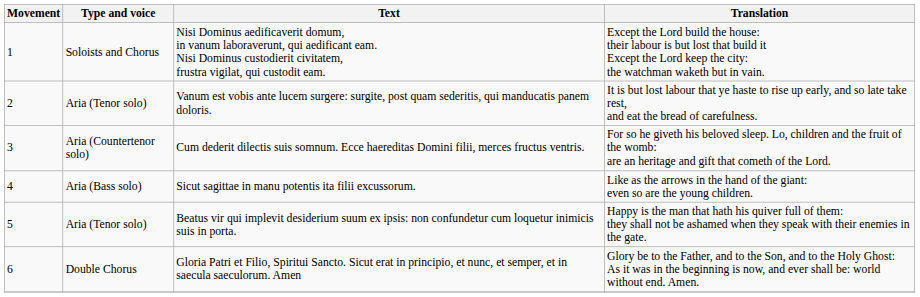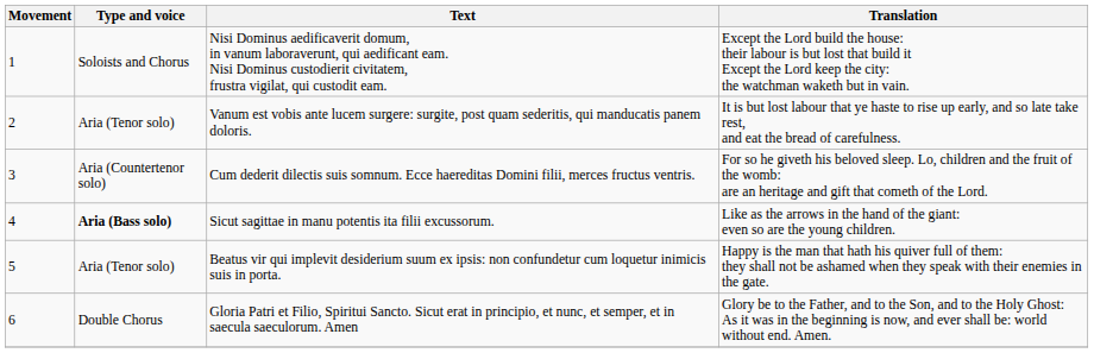 <table class="wikitable" border="1">
 <tr>
 <th bgcolor=ececec>Movement</th>
 <th bgcolor=ececec>Type and voice</th>
 <th bgcolor=ececec>Text</th>
 <th bgcolor=ececec>Translation</th>
 </tr>
 <tr>
 <td>1</td>
 <td>Soloists and Chorus</td>
 <td>Nisi Dominus aedificaverit domum,<br> in vanum laboraverunt, qui aedificant eam. <br>Nisi Dominus custodierit civitatem, <br>frustra vigilat, qui custodit eam.</td>
 <td>Except the Lord build the house:<br>their labour is but lost that build it<br>Except the Lord keep the city:<br>the watchman waketh but in vain.</td>
 </tr>
 <tr>
 <td>2</td>
 <td>Aria (Tenor solo)</td>
 <td>Vanum est vobis ante lucem surgere: surgite, post quam sederitis, qui manducatis panem doloris.</td>
 <td>It is but lost labour that ye haste to rise up early, and so late take rest,<br>and eat the bread of carefulness.</td>
 </tr>
 <tr>
 <td>3</td>
 <td>Aria (Countertenor solo)</td>
 <td>Cum dederit dilectis suis somnum. Ecce haereditas Domini filii, merces fructus ventris.</td>
 <td>For so he giveth his beloved sleep. Lo, children and the fruit of the womb:<br>are an heritage and gift that cometh of the Lord.</td>
 </tr>
 <tr>
 <td>4</td>
-<td>Aria (Bass solo)</td>
+<td><strong>Aria (Bass solo)</strong></td>
 <td>Sicut sagittae in manu potentis ita filii excussorum.</td>
 <td>Like as the arrows in the hand of the giant:<br>even so are the young children.</td>
 </tr>
 <tr>
 <td>5</td>
 <td>Aria (Tenor solo)</td>
 <td>Beatus vir qui implevit desiderium suum ex ipsis: non confundetur cum loquetur inimicis suis in porta.</td>
 <td>Happy is the man that hath his quiver full of them:<br>they shall not be ashamed when they speak with their enemies in the gate.</td>
 </tr>
 <tr>
 <td>6</td>
 <td>Double Chorus</td>
 <td>Gloria Patri et Filio, Spiritui Sancto. Sicut erat in principio, et nunc, et semper, et in saecula saeculorum. Amen</td>
 <td>Glory be to the Father, and to the Son, and to the Holy Ghost:<br>As it was in the beginning is now, and ever shall be: world without end. Amen.</td>
 </tr>
 <tr>
 </tr>
 </table>
